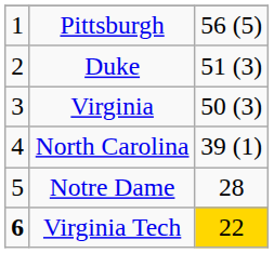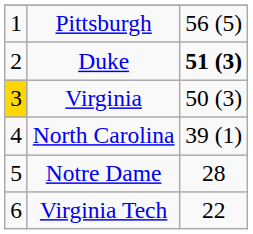 <table class="wikitable" style="display: inline-table; text-align: center;">
 <tr>
 </tr>
 <tr>
 <td>1</td>
 <td><a href='#'>Pittsburgh</a></td>
 <td>56 (5)</td>
 </tr>
 <tr>
 <td>2</td>
 <td><a href='#'>Duke</a></td>
-<td>51 (3)</td>
+<td><strong>51 (3)</strong></td>
 </tr>
 <tr>
-<td>3</td>
+<td style="background: gold;">3</td>
 <td><a href='#'>Virginia</a></td>
 <td>50 (3)</td>
 </tr>
 <tr>
 <td>4</td>
 <td><a href='#'>North Carolina</a></td>
 <td>39 (1)</td>
 </tr>
 <tr>
 <td>5</td>
 <td><a href='#'>Notre Dame</a></td>
 <td>28</td>
 </tr>
 <tr>
-<td><strong>6</strong></td>
+<td>6</td>
 <td><a href='#'>Virginia Tech</a></td>
-<td style="background: gold;">22</td>
+<td>22</td>
 </tr>
 </table>
